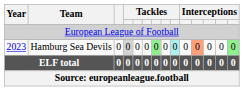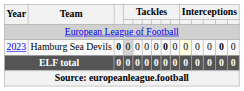 <table class="wikitable" style="text-align: center;">
 <tr>
 <th rowspan="2">Year</th>
 <th rowspan="2">Team</th>
 <th rowspan="2"></th>
 <th colspan="6">Tackles</th>
 <th colspan="5">Interceptions</th>
 </tr>
 <tr>
 <th></th>
 <th></th>
 <th></th>
 <th></th>
 <th></th>
 <th></th>
 <th></th>
 <th></th>
 <th></th>
 <th></th>
 <th></th>
 </tr>
 <tr>
 <td colspan="15" style="background-color:#D1D1D1"><a href='#'>European League of Football</a> </td>
 </tr>
 <tr>
 <td><a href='#'>2023</a></td>
 <td>Hamburg Sea Devils</td>
-<td>0</td>
+<td><strong>0</strong></td>
 <td style="background: lightgrey;">0</td>
 <td>0</td>
 <td>0</td>
-<td style="background: lightgreen;">0</td>
 <td>0</td>
-<td style="background: paleturquoise;">0</td>
+<td><strong>0</strong></td>
 <td>0</td>
-<td style="background: lightsalmon;">0</td>
+<td style="background: lightyellow;">0</td>
 <td>0</td>
 <td>0</td>
-<td style="background: lightgreen;">0</td>
+<td><strong>0</strong></td>
+<td>0</td>
 </tr>
 <tr style="background:#555555; font-weight:bold; color:white;">
 <td colspan="2">ELF total</td>
 <td>0</td>
 <td>0</td>
 <td>0</td>
 <td>0</td>
 <td>0</td>
 <td>0</td>
 <td>0</td>
 <td>0</td>
 <td>0</td>
 <td>0</td>
 <td>0</td>
 <td>0</td>
 </tr>
 <tr>
 <th colspan="15">Source: europeanleague.football</th>
 </tr>
 </table>
